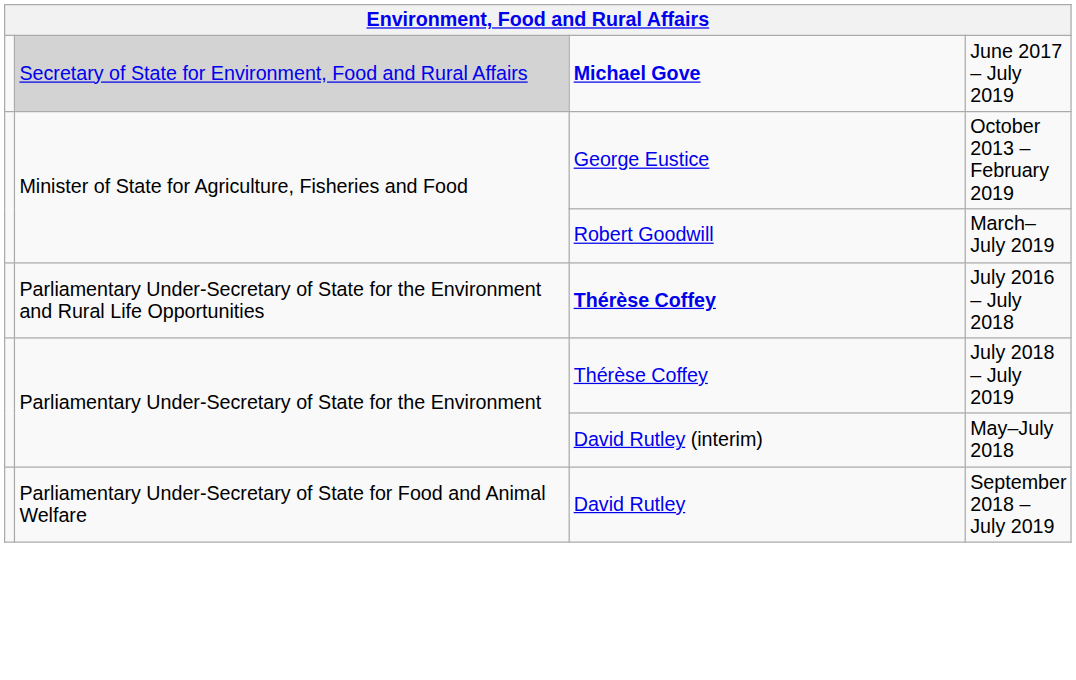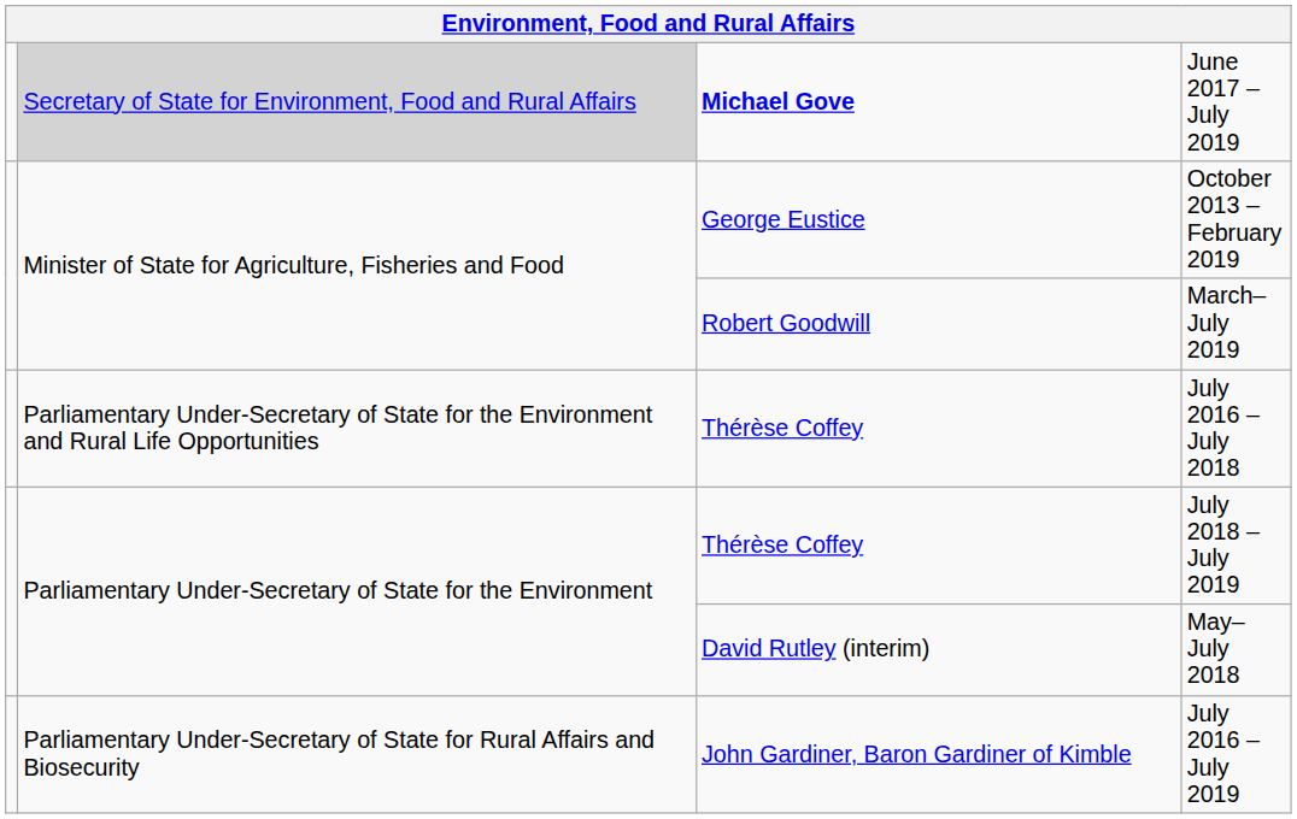 <table class="wikitable">
 <tr>
 <th colspan="4"><a href='#'>Environment, Food and Rural Affairs</a></th>
 </tr>
 <tr>
 <td style="width: 1px; background: "></td>
 <td style="background: lightgrey; width: 450px;"><a href='#'>Secretary of State for Environment, Food and Rural Affairs</a></td>
 <td style="width: 320px;"><strong><a href='#'>Michael Gove</a></strong></td>
 <td>June 2017 – July 2019</td>
 </tr>
 <tr>
 <td rowspan="2" style="width: 1px; background: "></td>
 <td rowspan="2">Minister of State for Agriculture, Fisheries and Food</td>
 <td><a href='#'>George Eustice</a></td>
 <td>October 2013 – February 2019</td>
 </tr>
 <tr>
 <td><a href='#'>Robert Goodwill</a></td>
 <td>March–July 2019</td>
 </tr>
 <tr>
 <td style="width: 1px; background: "></td>
 <td>Parliamentary Under-Secretary of State for the Environment and Rural Life Opportunities</td>
-<td><strong><a href='#'>Thérèse Coffey</a></strong></td>
+<td><a href='#'>Thérèse Coffey</a></td>
 <td>July 2016 – July 2018</td>
 </tr>
 <tr>
 <td rowspan="2" style="width: 1px; background: "></td>
 <td rowspan="2">Parliamentary Under-Secretary of State for the Environment</td>
 <td><a href='#'>Thérèse Coffey</a></td>
 <td>July 2018 – July 2019</td>
 </tr>
 <tr>
 <td><a href='#'>David Rutley</a> (interim)<br></td>
 <td>May–July 2018</td>
 </tr>
 <tr>
 <td style="width: 1px; background: "></td>
-<td>Parliamentary Under-Secretary of State for Food and Animal Welfare</td>
-<td><a href='#'>David Rutley</a><br></td>
-<td>September 2018 – July 2019</td>
+<td>Parliamentary Under-Secretary of State for Rural Affairs and Biosecurity</td>
+<td><a href='#'>John Gardiner, Baron Gardiner of Kimble</a></td>
+<td>July 2016 – July 2019</td>
 </tr>
 </table>
